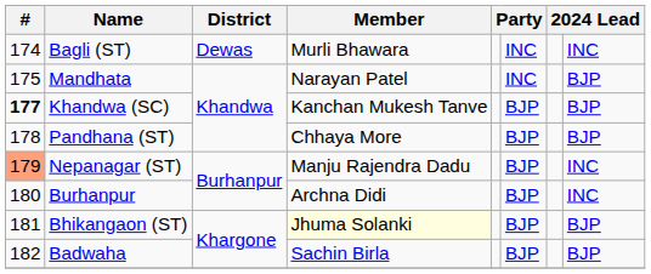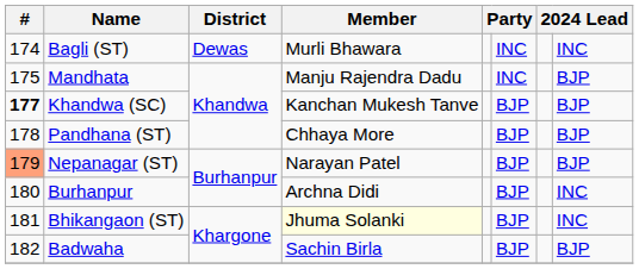 <table class="wikitable">
 <tr>
 <th>#</th>
 <th>Name</th>
 <th>District</th>
 <th>Member</th>
 <th colspan="2">Party</th>
 <th colspan="2">2024 Lead</th>
 </tr>
 <tr>
 <td>174</td>
 <td><a href='#'>Bagli</a> (ST)</td>
 <td><a href='#'>Dewas</a></td>
 <td>Murli Bhawara</td>
 <td style="background-color: "></td>
 <td><a href='#'>INC</a></td>
 <td style="background-color: "></td>
 <td><a href='#'>INC</a></td>
 </tr>
 <tr>
 <td>175</td>
 <td><a href='#'>Mandhata</a></td>
 <td rowspan="3"><a href='#'>Khandwa</a></td>
-<td>Narayan Patel</td>
+<td>Manju Rajendra Dadu</td>
 <td style="background-color: "></td>
 <td><a href='#'>INC</a></td>
 <td style="background-color: "></td>
 <td><a href='#'>BJP</a></td>
 </tr>
 <tr>
 <td><strong>177</strong></td>
 <td><a href='#'>Khandwa</a> (SC)</td>
 <td>Kanchan Mukesh Tanve</td>
 <td style="background-color: "></td>
 <td><a href='#'>BJP</a></td>
 <td style="background-color: "></td>
 <td><a href='#'>BJP</a></td>
 </tr>
 <tr>
 <td>178</td>
 <td><a href='#'>Pandhana</a> (ST)</td>
 <td>Chhaya More</td>
 <td style="background-color: "></td>
 <td><a href='#'>BJP</a></td>
 <td style="background-color: "></td>
 <td><a href='#'>BJP</a></td>
 </tr>
 <tr>
 <td style="background: lightsalmon;">179</td>
 <td><a href='#'>Nepanagar</a> (ST)</td>
 <td rowspan="2"><a href='#'>Burhanpur</a></td>
-<td>Manju Rajendra Dadu</td>
+<td>Narayan Patel</td>
 <td style="background-color: "></td>
 <td><a href='#'>BJP</a></td>
 <td style="background-color: "></td>
-<td><a href='#'>INC</a></td>
+<td><a href='#'>BJP</a></td>
 </tr>
 <tr>
 <td>180</td>
 <td><a href='#'>Burhanpur</a></td>
 <td>Archna Didi</td>
 <td style="background-color: "></td>
 <td><a href='#'>BJP</a></td>
 <td style="background-color: "></td>
 <td><a href='#'>INC</a></td>
 </tr>
 <tr>
 <td>181</td>
 <td><a href='#'>Bhikangaon</a> (ST)</td>
 <td rowspan="2"><a href='#'>Khargone</a></td>
 <td style="background: lightyellow;">Jhuma Solanki</td>
 <td style="background-color: "></td>
 <td><a href='#'>BJP</a></td>
 <td style="background-color: "></td>
-<td><a href='#'>BJP</a></td>
+<td><a href='#'>INC</a></td>
 </tr>
 <tr>
 <td>182</td>
 <td><a href='#'>Badwaha</a></td>
 <td><a href='#'>Sachin Birla</a></td>
 <td style="background-color: "></td>
 <td><a href='#'>BJP</a></td>
 <td style="background-color: "></td>
 <td><a href='#'>BJP</a></td>
 </tr>
 <tr>
 </tr>
 </table>
